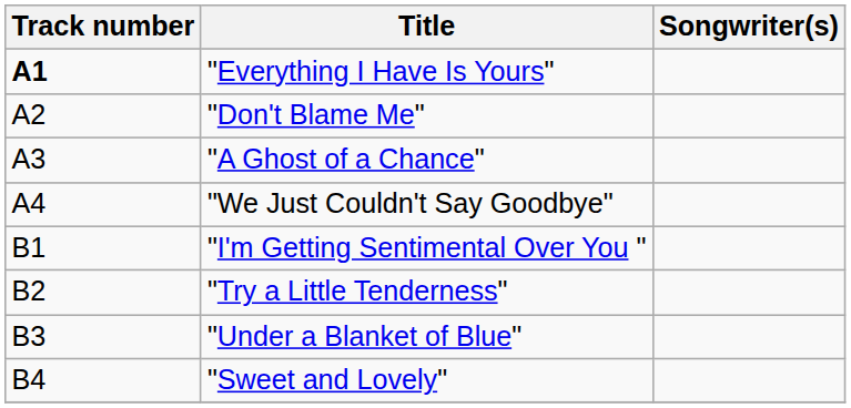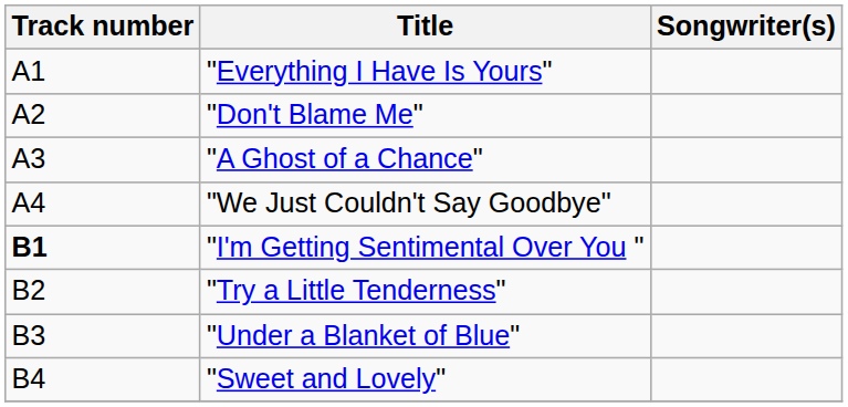 <table class="wikitable">
 <tr>
 <th>Track number</th>
 <th>Title</th>
 <th>Songwriter(s)</th>
 </tr>
 <tr>
-<td><strong>A1</strong></td>
+<td>A1</td>
 <td>"<a href='#'>Everything I Have Is Yours</a>"</td>
 <td></td>
 </tr>
 <tr>
 <td>A2</td>
 <td>"<a href='#'>Don't Blame Me</a>"</td>
 <td></td>
 </tr>
 <tr>
 <td>A3</td>
 <td>"<a href='#'>A Ghost of a Chance</a>"</td>
 <td></td>
 </tr>
 <tr>
 <td>A4</td>
 <td>"We Just Couldn't Say Goodbye"</td>
 <td></td>
 </tr>
 <tr>
-<td>B1</td>
+<td><strong>B1</strong></td>
 <td>"<a href='#'>I'm Getting Sentimental Over You</a> "</td>
 <td></td>
 </tr>
 <tr>
 <td>B2</td>
 <td>"<a href='#'>Try a Little Tenderness</a>"</td>
 <td></td>
 </tr>
 <tr>
 <td>B3</td>
 <td>"<a href='#'>Under a Blanket of Blue</a>"</td>
 <td></td>
 </tr>
 <tr>
 <td>B4</td>
 <td>"<a href='#'>Sweet and Lovely</a>"</td>
 <td></td>
 </tr>
 <tr>
 </tr>
 </table>
